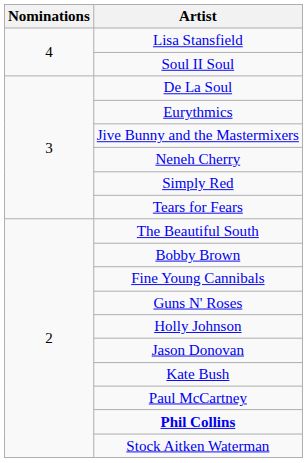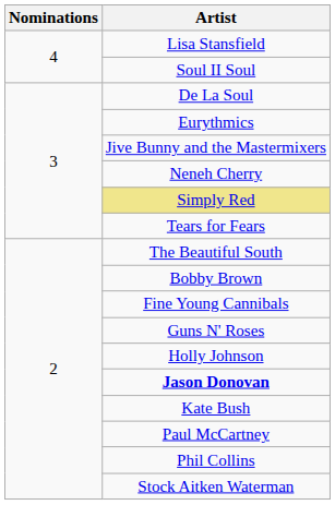 <table class="wikitable" rowspan="2" style="text-align:center;">
 <tr>
 <th scope="col" style="width:55px;">Nominations</th>
 <th scope="col" style="text-align:center;">Artist</th>
 </tr>
 <tr>
 <td rowspan="2">4</td>
 <td><a href='#'>Lisa Stansfield</a></td>
 </tr>
 <tr>
 <td><a href='#'>Soul II Soul</a></td>
 </tr>
 <tr>
 <td rowspan="6">3</td>
 <td><a href='#'>De La Soul</a></td>
 </tr>
 <tr>
 <td><a href='#'>Eurythmics</a></td>
 </tr>
 <tr>
 <td><a href='#'>Jive Bunny and the Mastermixers</a></td>
 </tr>
 <tr>
 <td><a href='#'>Neneh Cherry</a></td>
 </tr>
 <tr>
-<td><a href='#'>Simply Red</a></td>
+<td style="background: khaki;"><a href='#'>Simply Red</a></td>
 </tr>
 <tr>
 <td><a href='#'>Tears for Fears</a></td>
 </tr>
 <tr>
 <td rowspan="10">2</td>
 <td><a href='#'>The Beautiful South</a></td>
 </tr>
 <tr>
 <td><a href='#'>Bobby Brown</a></td>
 </tr>
 <tr>
 <td><a href='#'>Fine Young Cannibals</a></td>
 </tr>
 <tr>
 <td><a href='#'>Guns N' Roses</a></td>
 </tr>
 <tr>
 <td><a href='#'>Holly Johnson</a></td>
 </tr>
 <tr>
-<td><a href='#'>Jason Donovan</a></td>
+<td><strong><a href='#'>Jason Donovan</a></strong></td>
 </tr>
 <tr>
 <td><a href='#'>Kate Bush</a></td>
 </tr>
 <tr>
 <td><a href='#'>Paul McCartney</a></td>
 </tr>
 <tr>
-<td><strong><a href='#'>Phil Collins</a></strong></td>
+<td><a href='#'>Phil Collins</a></td>
 </tr>
 <tr>
 <td><a href='#'>Stock Aitken Waterman</a></td>
 </tr>
 </table>
